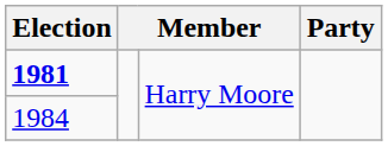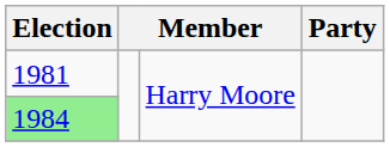 <table class="wikitable">
 <tr>
 <th>Election</th>
 <th colspan="2">Member</th>
 <th>Party</th>
 </tr>
 <tr>
-<td><strong><a href='#'>1981</a></strong></td>
+<td><a href='#'>1981</a></td>
 <td rowspan="2" > </td>
 <td rowspan="2"><a href='#'>Harry Moore</a></td>
 <td rowspan="2"></td>
 </tr>
 <tr>
-<td><a href='#'>1984</a></td>
+<td style="background: lightgreen;"><a href='#'>1984</a></td>
 </tr>
 </table>
